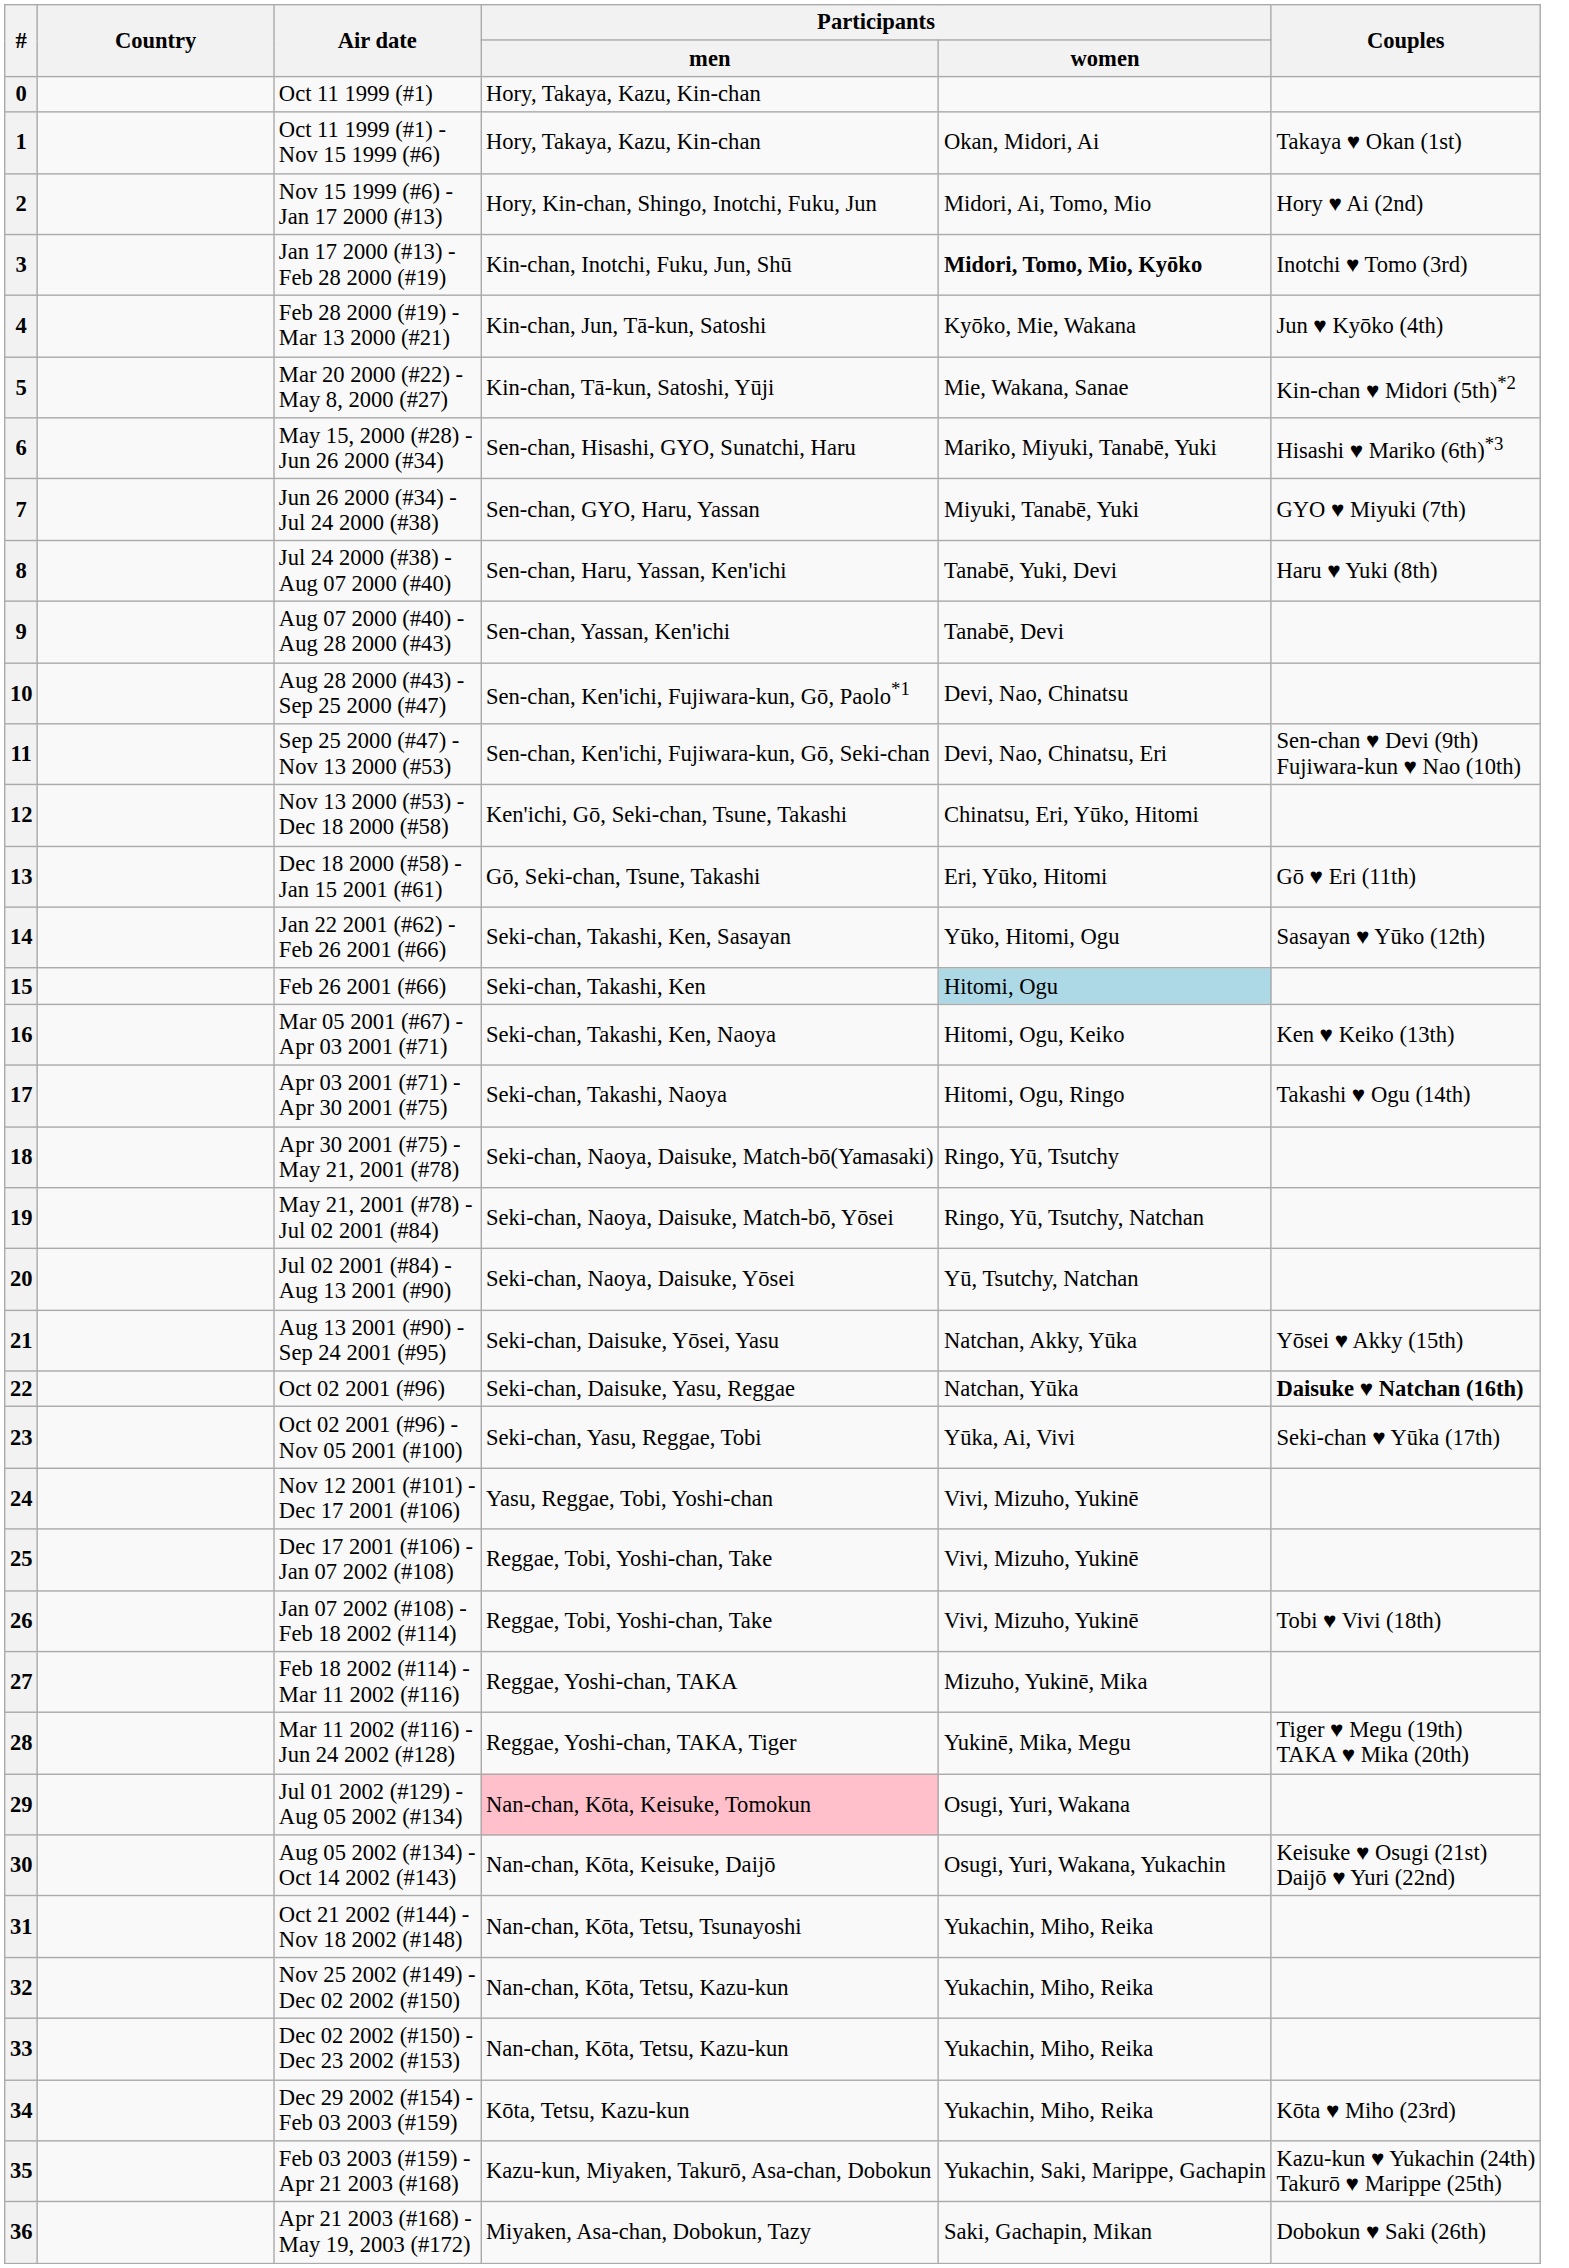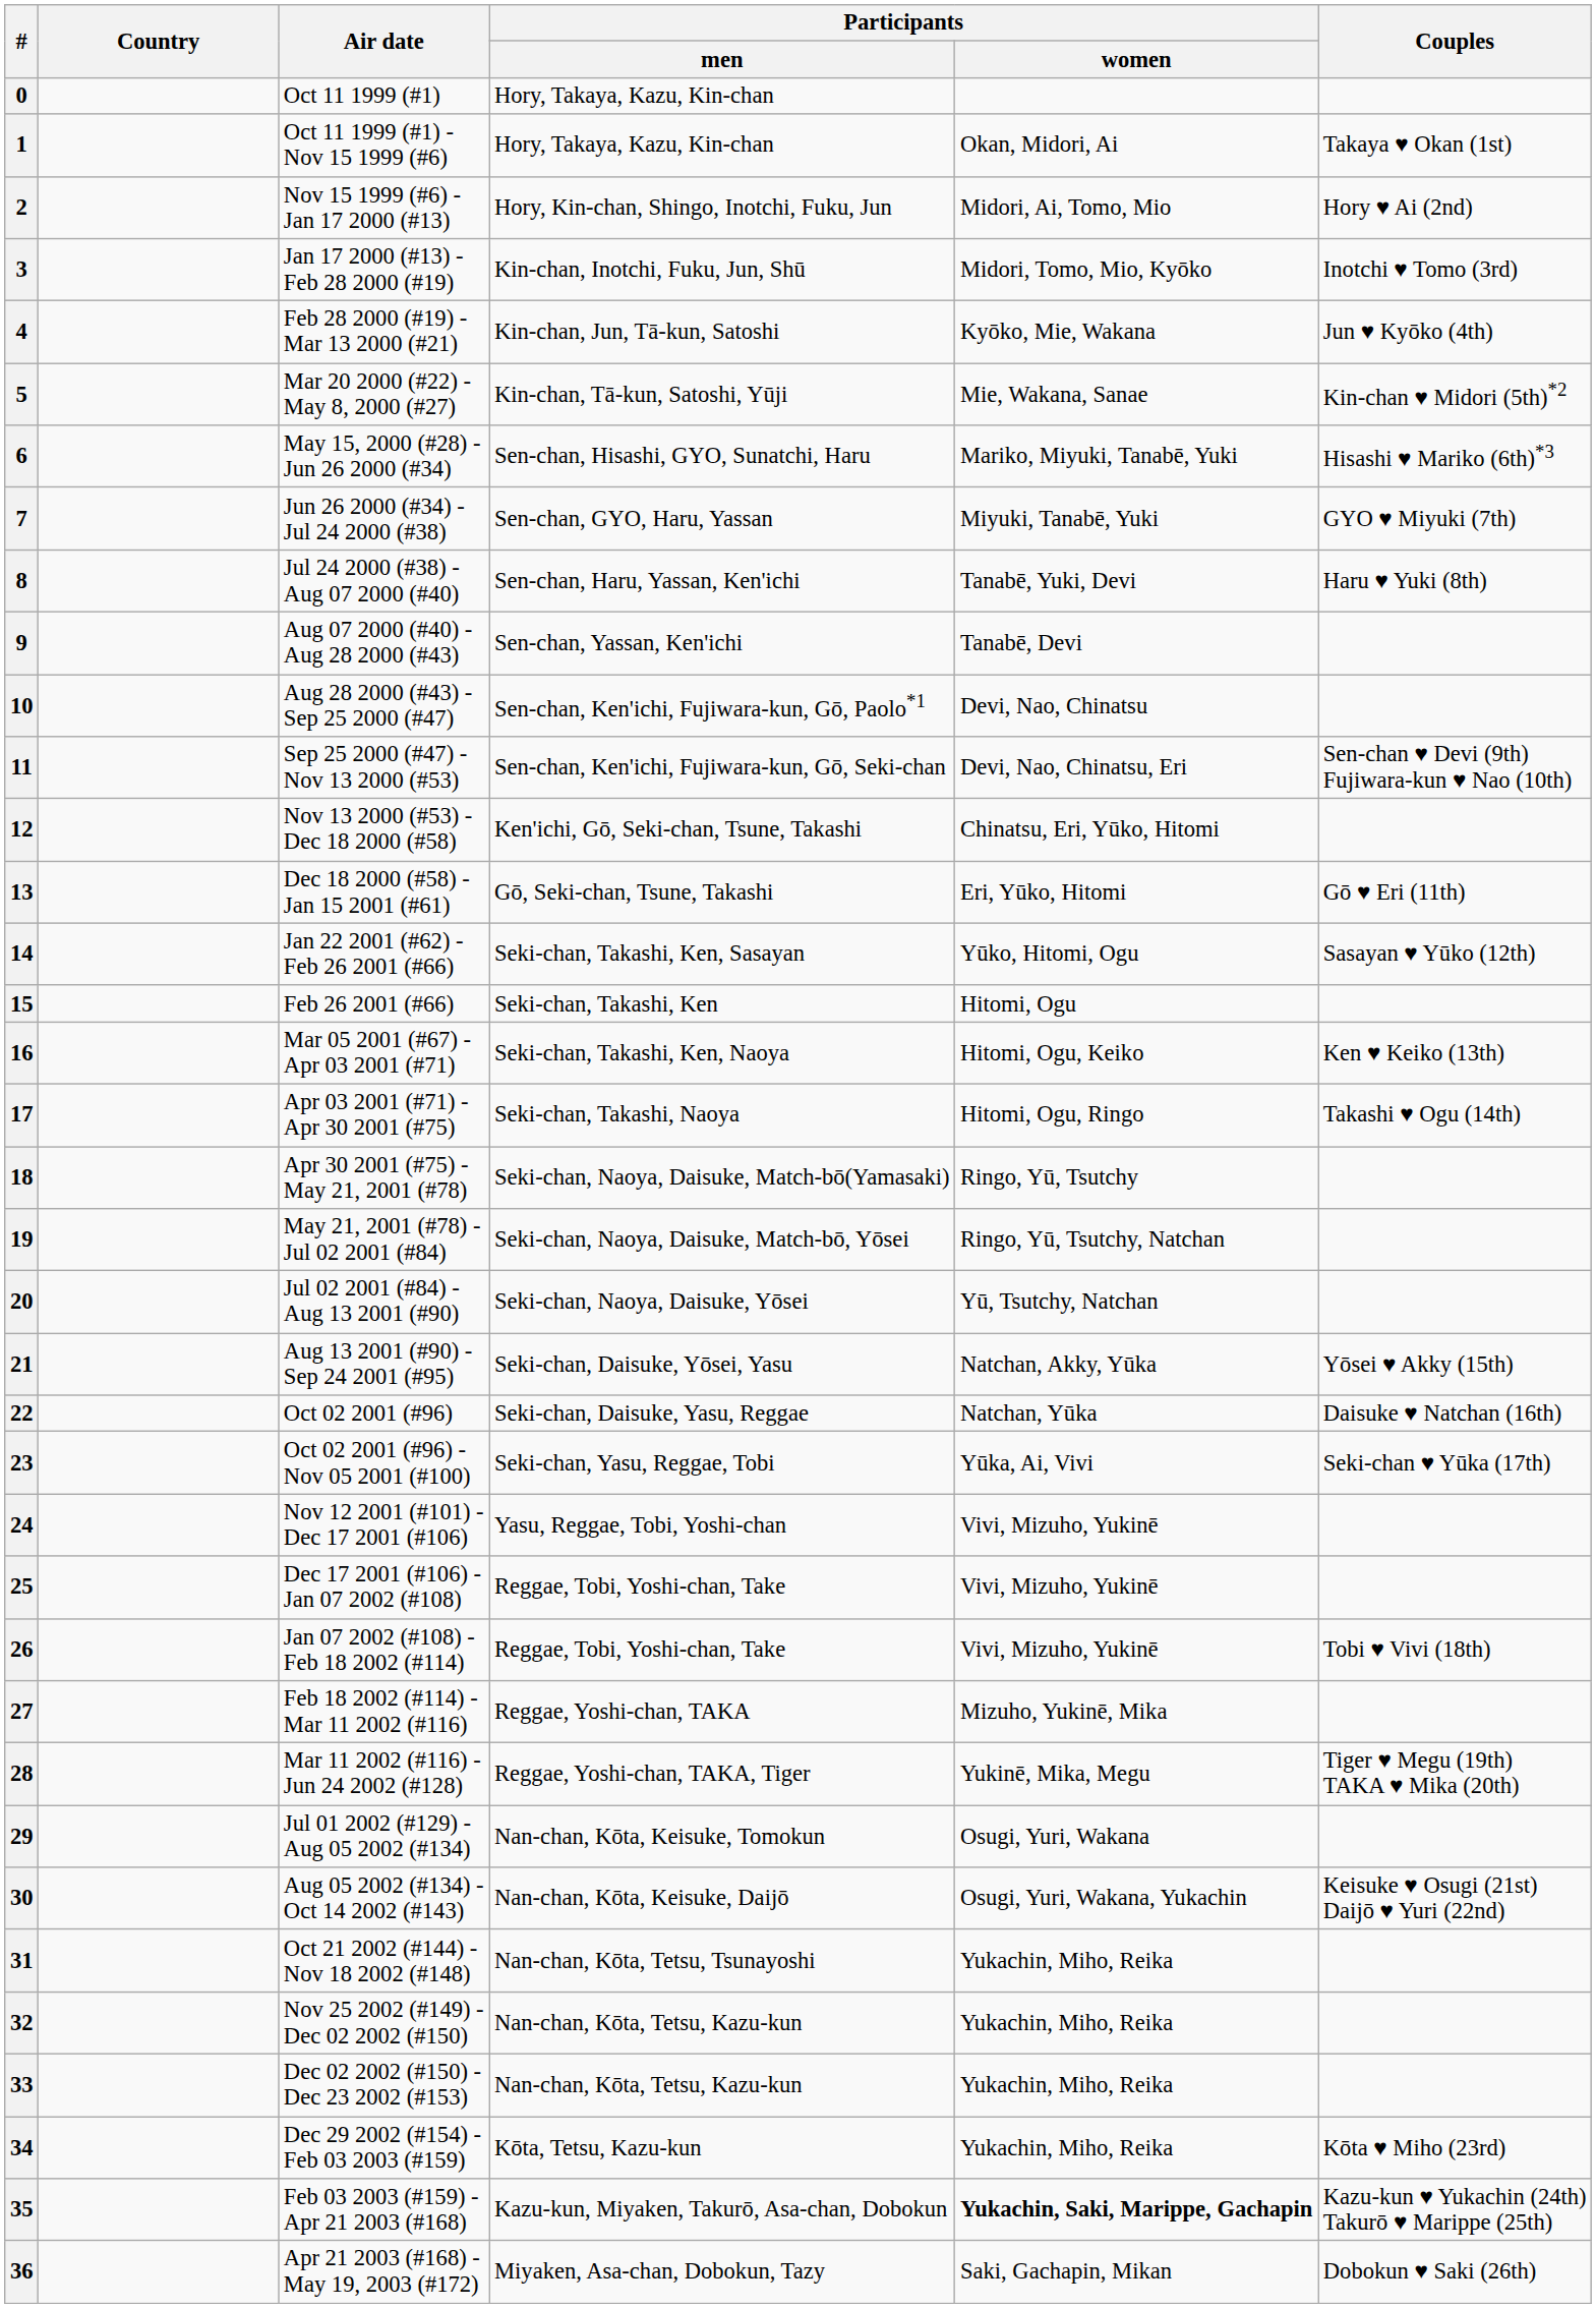 <table class="wikitable">
 <tr>
 <th rowspan="2">#</th>
 <th rowspan="2" style="width:10em;">Country</th>
 <th rowspan="2">Air date</th>
 <th colspan="2">Participants</th>
 <th rowspan="2">Couples</th>
 </tr>
 <tr>
 <th>men</th>
 <th>women</th>
 </tr>
 <tr>
 <th>0</th>
 <td></td>
 <td style="white-space:nowrap;">Oct 11 1999 (#1)</td>
 <td>Hory, Takaya, Kazu, Kin-chan</td>
 <td></td>
 <td></td>
 </tr>
 <tr>
 <th>1</th>
 <td></td>
 <td style="white-space:nowrap;">Oct 11 1999 (#1) -<br>Nov 15 1999 (#6)</td>
 <td>Hory, Takaya, Kazu, Kin-chan</td>
 <td>Okan, Midori, Ai</td>
 <td>Takaya ♥ Okan (1st)</td>
 </tr>
 <tr>
 <th>2</th>
 <td style="width:10em;"></td>
 <td style="white-space:nowrap;">Nov 15 1999 (#6) -<br>Jan 17 2000 (#13)</td>
 <td>Hory, Kin-chan, Shingo, Inotchi, Fuku, Jun</td>
 <td>Midori, Ai, Tomo, Mio</td>
 <td>Hory ♥ Ai (2nd)</td>
 </tr>
 <tr>
 <th>3</th>
 <td></td>
 <td style="white-space:nowrap;">Jan 17 2000 (#13) -<br>Feb 28 2000 (#19)</td>
 <td>Kin-chan, Inotchi, Fuku, Jun, Shū</td>
-<td><strong>Midori, Tomo, Mio, Kyōko</strong></td>
+<td>Midori, Tomo, Mio, Kyōko</td>
 <td>Inotchi ♥ Tomo (3rd)</td>
 </tr>
 <tr>
 <th>4</th>
 <td></td>
 <td style="white-space:nowrap;">Feb 28 2000 (#19) -<br>Mar 13 2000 (#21)</td>
 <td>Kin-chan, Jun, Tā-kun, Satoshi</td>
 <td>Kyōko, Mie, Wakana</td>
 <td>Jun ♥ Kyōko (4th)</td>
 </tr>
 <tr>
 <th>5</th>
 <td></td>
 <td style="white-space:nowrap;">Mar 20 2000 (#22) -<br>May 8, 2000 (#27)</td>
 <td>Kin-chan, Tā-kun, Satoshi, Yūji</td>
 <td>Mie, Wakana, Sanae</td>
 <td>Kin-chan ♥ Midori (5th)<sup>*2</sup></td>
 </tr>
 <tr>
 <th>6</th>
 <td></td>
 <td style="white-space:nowrap;">May 15, 2000 (#28) -<br>Jun 26 2000 (#34)</td>
 <td>Sen-chan, Hisashi, GYO, Sunatchi, Haru</td>
 <td>Mariko, Miyuki, Tanabē, Yuki</td>
 <td>Hisashi ♥ Mariko (6th)<sup>*3</sup></td>
 </tr>
 <tr>
 <th>7</th>
 <td></td>
 <td style="white-space:nowrap;">Jun 26 2000 (#34) -<br>Jul 24 2000 (#38)</td>
 <td>Sen-chan, GYO, Haru, Yassan</td>
 <td>Miyuki, Tanabē, Yuki</td>
 <td>GYO ♥ Miyuki (7th)</td>
 </tr>
 <tr>
 <th>8</th>
 <td></td>
 <td style="white-space:nowrap;">Jul 24 2000 (#38) -<br>Aug 07 2000 (#40)</td>
 <td>Sen-chan, Haru, Yassan, Ken'ichi</td>
 <td>Tanabē, Yuki, Devi</td>
 <td>Haru ♥ Yuki (8th)</td>
 </tr>
 <tr>
 <th>9</th>
 <td></td>
 <td style="white-space:nowrap;">Aug 07 2000 (#40) -<br>Aug 28 2000 (#43)</td>
 <td>Sen-chan, Yassan, Ken'ichi</td>
 <td>Tanabē, Devi</td>
 <td></td>
 </tr>
 <tr>
 <th>10</th>
 <td></td>
 <td style="white-space:nowrap;">Aug 28 2000 (#43) -<br>Sep 25 2000 (#47)</td>
 <td>Sen-chan, Ken'ichi, Fujiwara-kun, Gō, Paolo<sup>*1</sup></td>
 <td>Devi, Nao, Chinatsu</td>
 <td></td>
 </tr>
 <tr>
 <th>11</th>
 <td></td>
 <td style="white-space:nowrap;">Sep 25 2000 (#47) -<br>Nov 13 2000 (#53)</td>
 <td>Sen-chan, Ken'ichi, Fujiwara-kun, Gō, Seki-chan</td>
 <td>Devi, Nao, Chinatsu, Eri</td>
 <td>Sen-chan ♥ Devi (9th)<br>Fujiwara-kun ♥ Nao (10th)</td>
 </tr>
 <tr>
 <th>12</th>
 <td></td>
 <td style="white-space:nowrap;">Nov 13 2000 (#53) -<br>Dec 18 2000 (#58)</td>
 <td>Ken'ichi, Gō, Seki-chan, Tsune, Takashi</td>
 <td>Chinatsu, Eri, Yūko, Hitomi</td>
 <td></td>
 </tr>
 <tr>
 <th>13</th>
 <td></td>
 <td style="white-space:nowrap;">Dec 18 2000 (#58) -<br>Jan 15 2001 (#61)</td>
 <td>Gō, Seki-chan, Tsune, Takashi</td>
 <td>Eri, Yūko, Hitomi</td>
 <td>Gō ♥ Eri (11th)</td>
 </tr>
 <tr>
 <th>14</th>
 <td></td>
 <td style="white-space:nowrap;">Jan 22 2001 (#62) -<br>Feb 26 2001 (#66)</td>
 <td>Seki-chan, Takashi, Ken, Sasayan</td>
 <td>Yūko, Hitomi, Ogu</td>
 <td>Sasayan ♥ Yūko (12th)</td>
 </tr>
 <tr>
 <th>15</th>
 <td></td>
 <td style="white-space:nowrap;">Feb 26 2001 (#66)</td>
 <td>Seki-chan, Takashi, Ken</td>
-<td style="background: lightblue;">Hitomi, Ogu</td>
+<td>Hitomi, Ogu</td>
 <td></td>
 </tr>
 <tr>
 <th>16</th>
 <td></td>
 <td style="white-space:nowrap;">Mar 05 2001 (#67) -<br>Apr 03 2001 (#71)</td>
 <td>Seki-chan, Takashi, Ken, Naoya</td>
 <td>Hitomi, Ogu, Keiko</td>
 <td>Ken ♥ Keiko (13th)</td>
 </tr>
 <tr>
 <th>17</th>
 <td></td>
 <td style="white-space:nowrap;">Apr 03 2001 (#71) -<br>Apr 30 2001 (#75)</td>
 <td>Seki-chan, Takashi, Naoya</td>
 <td>Hitomi, Ogu, Ringo</td>
 <td>Takashi ♥ Ogu (14th)</td>
 </tr>
 <tr>
 <th>18</th>
 <td></td>
 <td style="white-space:nowrap;">Apr 30 2001 (#75) -<br>May 21, 2001 (#78)</td>
 <td>Seki-chan, Naoya, Daisuke, Match-bō(Yamasaki)</td>
 <td>Ringo, Yū, Tsutchy</td>
 <td></td>
 </tr>
 <tr>
 <th>19</th>
 <td></td>
 <td style="white-space:nowrap;">May 21, 2001 (#78) -<br>Jul 02 2001 (#84)</td>
 <td>Seki-chan, Naoya, Daisuke, Match-bō, Yōsei</td>
 <td>Ringo, Yū, Tsutchy, Natchan</td>
 <td></td>
 </tr>
 <tr>
 <th>20</th>
 <td></td>
 <td style="white-space:nowrap;">Jul 02 2001 (#84) -<br>Aug 13 2001 (#90)</td>
 <td>Seki-chan, Naoya, Daisuke, Yōsei</td>
 <td>Yū, Tsutchy, Natchan</td>
 <td></td>
 </tr>
 <tr>
 <th>21</th>
 <td></td>
 <td style="white-space:nowrap;">Aug 13 2001 (#90) -<br>Sep 24 2001 (#95)</td>
 <td>Seki-chan, Daisuke, Yōsei, Yasu</td>
 <td>Natchan, Akky, Yūka</td>
 <td>Yōsei ♥ Akky (15th)</td>
 </tr>
 <tr>
 <th>22</th>
 <td></td>
 <td style="white-space:nowrap;">Oct 02 2001 (#96)</td>
 <td>Seki-chan, Daisuke, Yasu, Reggae</td>
 <td>Natchan, Yūka</td>
-<td><strong>Daisuke ♥ Natchan (16th)</strong></td>
+<td>Daisuke ♥ Natchan (16th)</td>
 </tr>
 <tr>
 <th>23</th>
 <td></td>
 <td style="white-space:nowrap;">Oct 02 2001 (#96) -<br>Nov 05 2001 (#100)</td>
 <td>Seki-chan, Yasu, Reggae, Tobi</td>
 <td>Yūka, Ai, Vivi</td>
 <td>Seki-chan ♥ Yūka (17th)</td>
 </tr>
 <tr>
 <th>24</th>
 <td></td>
 <td style="white-space:nowrap;">Nov 12 2001 (#101) -<br>Dec 17 2001 (#106)</td>
 <td>Yasu, Reggae, Tobi, Yoshi-chan</td>
 <td>Vivi, Mizuho, Yukinē</td>
 <td></td>
 </tr>
 <tr>
 <th>25</th>
 <td></td>
 <td style="white-space:nowrap;">Dec 17 2001 (#106) -<br>Jan 07 2002 (#108)</td>
 <td>Reggae, Tobi, Yoshi-chan, Take</td>
 <td>Vivi, Mizuho, Yukinē</td>
 <td></td>
 </tr>
 <tr>
 <th>26</th>
 <td></td>
 <td style="white-space:nowrap;">Jan 07 2002 (#108) -<br>Feb 18 2002 (#114)</td>
 <td>Reggae, Tobi, Yoshi-chan, Take</td>
 <td>Vivi, Mizuho, Yukinē</td>
 <td>Tobi ♥ Vivi (18th)</td>
 </tr>
 <tr>
 <th>27</th>
 <td></td>
 <td style="white-space:nowrap;">Feb 18 2002 (#114) -<br>Mar 11 2002 (#116)</td>
 <td>Reggae, Yoshi-chan, TAKA</td>
 <td>Mizuho, Yukinē, Mika</td>
 <td></td>
 </tr>
 <tr>
 <th>28</th>
 <td></td>
 <td style="white-space:nowrap;">Mar 11 2002 (#116) -<br>Jun 24 2002 (#128)</td>
 <td>Reggae, Yoshi-chan, TAKA, Tiger</td>
 <td>Yukinē, Mika, Megu</td>
 <td>Tiger ♥ Megu (19th)<br>TAKA ♥ Mika (20th)</td>
 </tr>
 <tr>
 <th>29</th>
 <td></td>
 <td style="white-space:nowrap;">Jul 01 2002 (#129) -<br>Aug 05 2002 (#134)</td>
-<td style="background: pink;">Nan-chan, Kōta, Keisuke, Tomokun</td>
+<td>Nan-chan, Kōta, Keisuke, Tomokun</td>
 <td>Osugi, Yuri, Wakana</td>
 <td></td>
 </tr>
 <tr>
 <th>30</th>
 <td></td>
 <td style="white-space:nowrap;">Aug 05 2002 (#134) -<br>Oct 14 2002 (#143)</td>
 <td>Nan-chan, Kōta, Keisuke, Daijō</td>
 <td>Osugi, Yuri, Wakana, Yukachin</td>
 <td>Keisuke ♥ Osugi (21st)<br>Daijō ♥ Yuri (22nd)</td>
 </tr>
 <tr>
 <th>31</th>
 <td style="width:10em;"></td>
 <td style="white-space:nowrap;">Oct 21 2002 (#144) -<br>Nov 18 2002 (#148)</td>
 <td>Nan-chan, Kōta, Tetsu, Tsunayoshi</td>
 <td>Yukachin, Miho, Reika</td>
 <td></td>
 </tr>
 <tr>
 <th>32</th>
 <td></td>
 <td style="white-space:nowrap;">Nov 25 2002 (#149) -<br>Dec 02 2002 (#150)</td>
 <td>Nan-chan, Kōta, Tetsu, Kazu-kun</td>
 <td>Yukachin, Miho, Reika</td>
 <td></td>
 </tr>
 <tr>
 <th>33</th>
 <td></td>
 <td style="white-space:nowrap;">Dec 02 2002 (#150) -<br>Dec 23 2002 (#153)</td>
 <td>Nan-chan, Kōta, Tetsu, Kazu-kun</td>
 <td>Yukachin, Miho, Reika</td>
 <td></td>
 </tr>
 <tr>
 <th>34</th>
 <td></td>
 <td style="white-space:nowrap;">Dec 29 2002 (#154) -<br>Feb 03 2003 (#159)</td>
 <td>Kōta, Tetsu, Kazu-kun</td>
 <td>Yukachin, Miho, Reika</td>
 <td>Kōta ♥ Miho (23rd)</td>
 </tr>
 <tr>
 <th>35</th>
 <td></td>
 <td style="white-space:nowrap;">Feb 03 2003 (#159) -<br>Apr 21 2003 (#168)</td>
 <td>Kazu-kun, Miyaken, Takurō, Asa-chan, Dobokun</td>
-<td>Yukachin, Saki, Marippe, Gachapin</td>
+<td><strong>Yukachin, Saki, Marippe, Gachapin</strong></td>
 <td>Kazu-kun ♥ Yukachin (24th)<br>Takurō ♥ Marippe (25th)</td>
 </tr>
 <tr>
 <th>36</th>
 <td></td>
 <td style="white-space:nowrap;">Apr 21 2003 (#168) -<br>May 19, 2003 (#172)</td>
 <td>Miyaken, Asa-chan, Dobokun, Tazy</td>
 <td>Saki, Gachapin, Mikan</td>
 <td>Dobokun ♥ Saki (26th)</td>
 </tr>
 </table>
